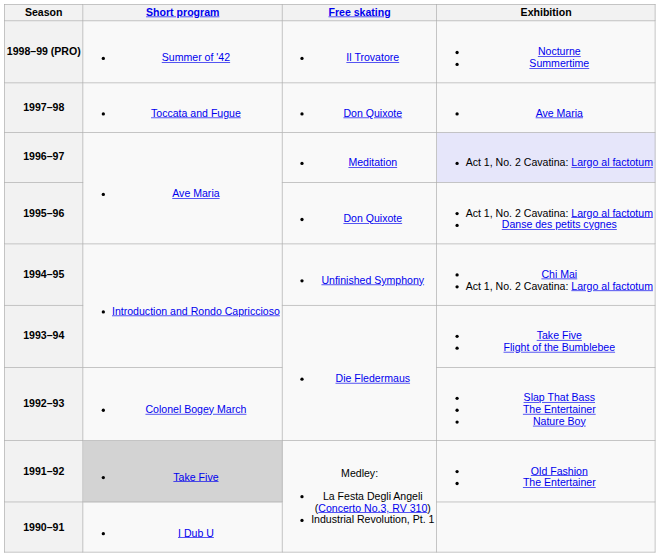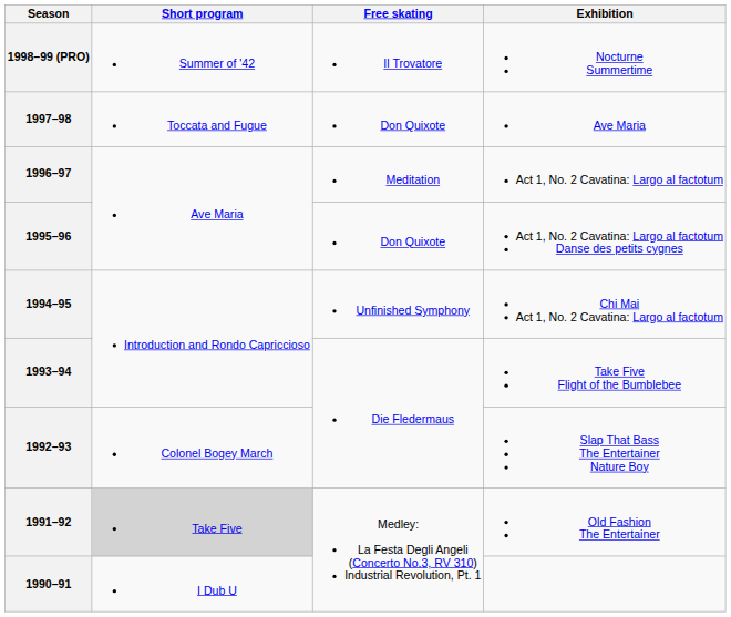 <table class="wikitable" style="text-align:center">
 <tr>
 <th>Season</th>
 <th><a href='#'>Short program</a></th>
 <th><a href='#'>Free skating</a></th>
 <th>Exhibition</th>
 </tr>
 <tr>
 <th>1998–99 (PRO)</th>
 <td><br><ul><li><a href='#'>Summer of '42</a><br></li></ul></td>
 <td><br><ul><li><a href='#'>Il Trovatore</a><br></li></ul></td>
 <td><br><ul><li><a href='#'>Nocturne</a><br></li><li><a href='#'>Summertime</a><br></li></ul></td>
 </tr>
 <tr>
 <th>1997–98</th>
 <td><br><ul><li><a href='#'>Toccata and Fugue</a><br></li></ul></td>
 <td><br><ul><li><a href='#'>Don Quixote</a><br></li></ul></td>
 <td><br><ul><li><a href='#'>Ave Maria</a><br></li></ul></td>
 </tr>
 <tr>
 <th>1996–97</th>
 <td rowspan=2><br><ul><li><a href='#'>Ave Maria</a><br></li></ul></td>
 <td><br><ul><li><a href='#'>Meditation</a><br></li></ul></td>
-<td style="background: lavender;"><br><ul><li>Act 1, No. 2 Cavatina: <a href='#'>Largo al factotum</a><br></li></ul></td>
+<td><br><ul><li>Act 1, No. 2 Cavatina: <a href='#'>Largo al factotum</a><br></li></ul></td>
 </tr>
 <tr>
 <th>1995–96</th>
 <td><br><ul><li><a href='#'>Don Quixote</a><br></li></ul></td>
 <td><br><ul><li>Act 1, No. 2 Cavatina: <a href='#'>Largo al factotum</a><br></li><li><a href='#'>Danse des petits cygnes</a><br></li></ul></td>
 </tr>
 <tr>
 <th>1994–95</th>
 <td rowspan=2><br><ul><li><a href='#'>Introduction and Rondo Capriccioso</a><br></li></ul></td>
 <td><br><ul><li><a href='#'>Unfinished Symphony</a><br></li></ul></td>
 <td><br><ul><li><a href='#'>Chi Mai</a><br></li><li>Act 1, No. 2 Cavatina: <a href='#'>Largo al factotum</a><br></li></ul></td>
 </tr>
 <tr>
 <th>1993–94</th>
 <td rowspan=2><br><ul><li><a href='#'>Die Fledermaus</a><br></li></ul></td>
 <td><br><ul><li><a href='#'>Take Five</a><br></li><li><a href='#'>Flight of the Bumblebee</a><br></li></ul></td>
 </tr>
 <tr>
 <th>1992–93</th>
 <td><br><ul><li><a href='#'>Colonel Bogey March</a><br></li></ul></td>
 <td><br><ul><li><a href='#'>Slap That Bass</a><br></li><li><a href='#'>The Entertainer</a><br></li><li><a href='#'>Nature Boy</a><br></li></ul></td>
 </tr>
 <tr>
 <th>1991–92</th>
 <td style="background: lightgrey;"><br><ul><li><a href='#'>Take Five</a><br></li></ul></td>
 <td rowspan=2><br>Medley:<br><ul><li>La Festa Degli Angeli<br>(<a href='#'>Concerto No.3, RV 310</a>)<br></li><li>Industrial Revolution, Pt. 1<br></li></ul></td>
 <td><br><ul><li><a href='#'>Old Fashion</a><br></li><li><a href='#'>The Entertainer</a><br></li></ul></td>
 </tr>
 <tr>
 <th>1990–91</th>
 <td><br><ul><li><a href='#'>I Dub U</a><br></li></ul></td>
 </tr>
 </table>
